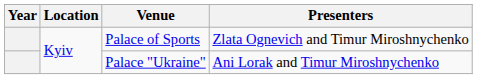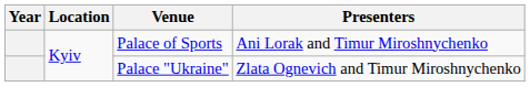 <table class="wikitable plainrowheaders">
 <tr>
 <th>Year</th>
 <th>Location</th>
 <th>Venue</th>
 <th>Presenters</th>
 </tr>
 <tr>
 <th scope="row"></th>
 <td rowspan="2"><a href='#'>Kyiv</a></td>
 <td><a href='#'>Palace of Sports</a></td>
-<td><a href='#'>Zlata Ognevich</a> and Timur Miroshnychenko</td>
+<td><a href='#'>Ani Lorak</a> and <a href='#'>Timur Miroshnychenko</a></td>
 </tr>
 <tr>
 <th scope="row"></th>
 <td><a href='#'>Palace "Ukraine"</a></td>
-<td><a href='#'>Ani Lorak</a> and <a href='#'>Timur Miroshnychenko</a></td>
+<td><a href='#'>Zlata Ognevich</a> and Timur Miroshnychenko</td>
 </tr>
 </table>
